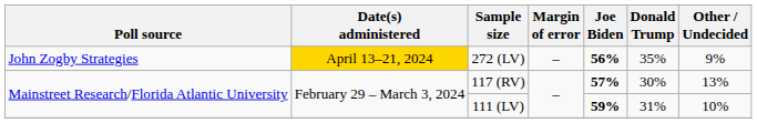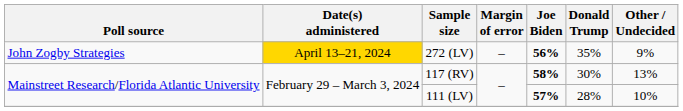 <table class="wikitable sortable mw-datatable" style="font-size:90%;text-align:center;line-height:17px">
 <tr valign=bottom>
 <th>Poll source</th>
 <th>Date(s)<br>administered</th>
 <th>Sample<br>size</th>
 <th>Margin<br>of error</th>
 <th class="unsortable">Joe<br>Biden<br></th>
 <th class="unsortable">Donald<br>Trump<br></th>
 <th class="unsortable">Other /<br>Undecided</th>
 </tr>
 <tr>
 <td style="text-align:left;"><a href='#'>John Zogby Strategies</a></td>
 <td data-sort-value="2024-05-01" style="background: gold;">April 13–21, 2024</td>
 <td>272 (LV)</td>
 <td>–</td>
 <td style="color:black;background-color:"><strong>56%</strong></td>
 <td>35%</td>
 <td>9%</td>
 </tr>
 <tr>
 <td style="text-align:left;" rowspan="2"><a href='#'>Mainstreet Research</a>/<a href='#'>Florida Atlantic University</a></td>
 <td rowspan="2">February 29 – March 3, 2024</td>
 <td>117 (RV)</td>
 <td rowspan="2">–</td>
-<td style="color:black;background-color:"><strong>57%</strong></td>
+<td style="color:black;background-color:"><strong>58%</strong></td>
 <td>30%</td>
 <td>13%</td>
 </tr>
 <tr>
 <td>111 (LV)</td>
-<td style="color:black;background-color:"><strong>59%</strong></td>
-<td>31%</td>
+<td style="color:black;background-color:"><strong>57%</strong></td>
+<td>28%</td>
 <td>10%</td>
 </tr>
 <tr>
 </tr>
 </table>
